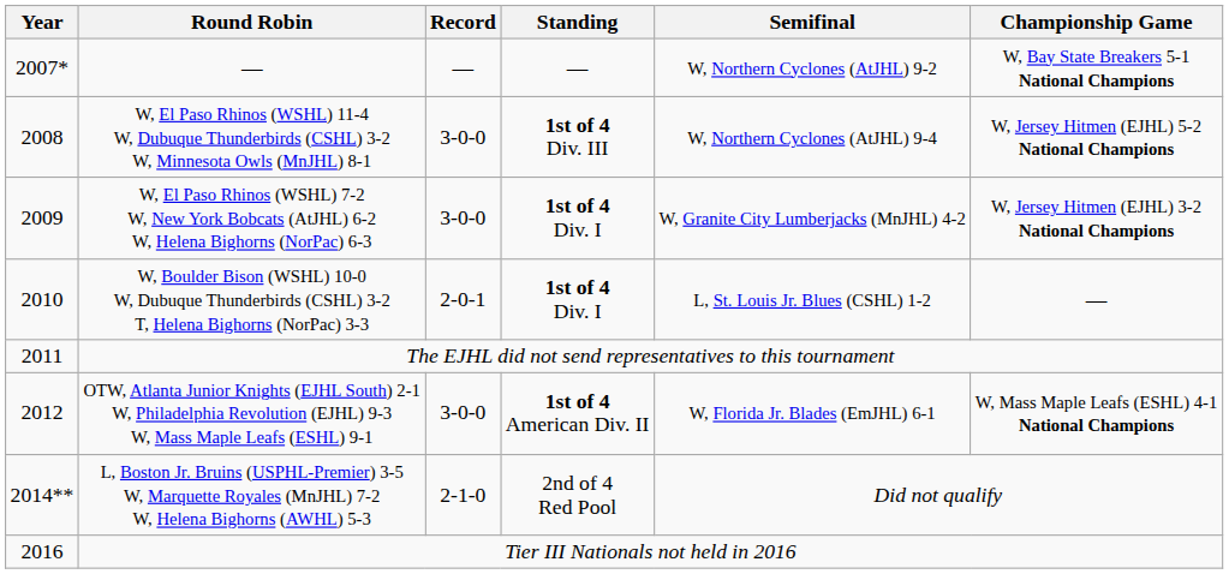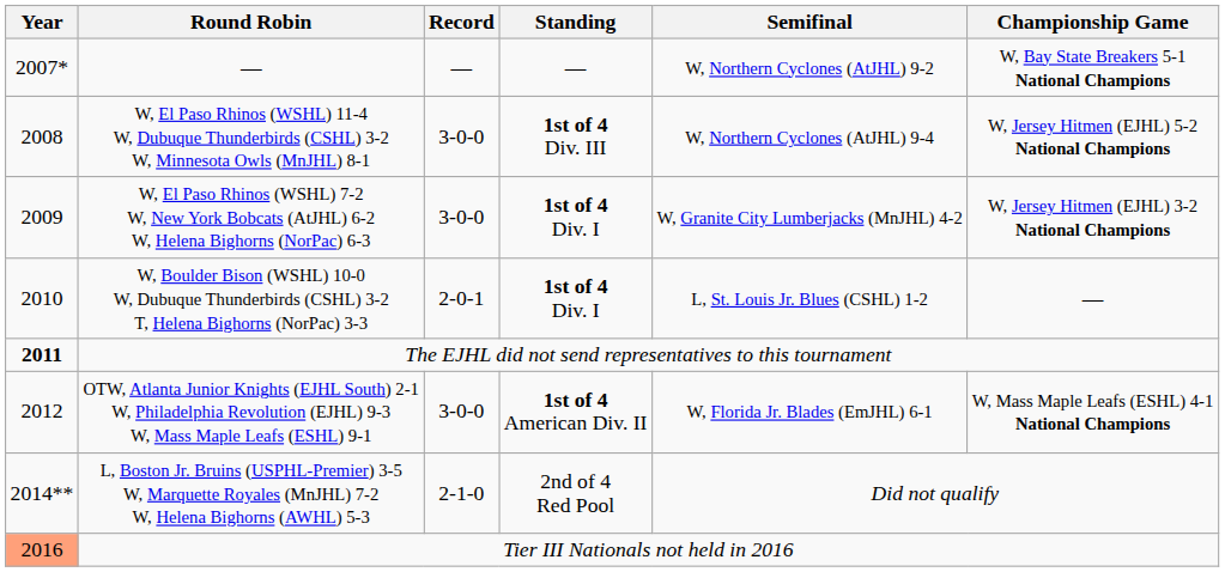 <table class="wikitable">
 <tr>
 <th>Year</th>
 <th>Round Robin</th>
 <th>Record</th>
 <th>Standing</th>
 <th>Semifinal</th>
 <th>Championship Game</th>
 </tr>
 <tr align=center>
 <td>2007*</td>
 <td>—</td>
 <td>—</td>
 <td>—</td>
 <td><small>W, <a href='#'>Northern Cyclones</a> (<a href='#'>AtJHL</a>) 9-2</small></td>
 <td><small>W, <a href='#'>Bay State Breakers</a> 5-1<br><strong>National Champions</strong></small></td>
 </tr>
 <tr align=center>
 <td>2008</td>
 <td><small>W, <a href='#'>El Paso Rhinos</a> (<a href='#'>WSHL</a>) 11-4<br>W, <a href='#'>Dubuque Thunderbirds</a> (<a href='#'>CSHL</a>) 3-2<br>W, <a href='#'>Minnesota Owls</a> (<a href='#'>MnJHL</a>) 8-1</small></td>
 <td>3-0-0</td>
 <td><strong>1st of 4</strong><br>Div. III</td>
 <td><small>W, <a href='#'>Northern Cyclones</a> (AtJHL) 9-4</small></td>
 <td><small>W, <a href='#'>Jersey Hitmen</a> (EJHL) 5-2<br><strong>National Champions</strong></small></td>
 </tr>
 <tr align=center>
 <td>2009</td>
 <td><small>W, <a href='#'>El Paso Rhinos</a> (WSHL) 7-2<br>W, <a href='#'>New York Bobcats</a> (AtJHL) 6-2<br>W, <a href='#'>Helena Bighorns</a> (<a href='#'>NorPac</a>) 6-3</small></td>
 <td>3-0-0</td>
 <td><strong>1st of 4</strong><br>Div. I</td>
 <td><small>W, <a href='#'>Granite City Lumberjacks</a> (MnJHL) 4-2</small></td>
 <td><small>W, <a href='#'>Jersey Hitmen</a> (EJHL) 3-2<br><strong>National Champions</strong></small></td>
 </tr>
 <tr align=center>
 <td>2010</td>
 <td><small>W, <a href='#'>Boulder Bison</a> (WSHL) 10-0<br>W, Dubuque Thunderbirds (CSHL) 3-2<br>T, <a href='#'>Helena Bighorns</a> (NorPac) 3-3</small></td>
 <td>2-0-1</td>
 <td><strong>1st of 4</strong><br> Div. I</td>
 <td><small>L, <a href='#'>St. Louis Jr. Blues</a> (CSHL) 1-2</small></td>
 <td>—</td>
 </tr>
 <tr align=center>
-<td>2011</td>
+<td><strong>2011</strong></td>
 <td colspan=5><em>The EJHL did not send representatives to this tournament</em></td>
 </tr>
 <tr align=center>
 <td>2012</td>
 <td><small>OTW, <a href='#'>Atlanta Junior Knights</a> (<a href='#'>EJHL South</a>) 2-1<br>W, <a href='#'>Philadelphia Revolution</a> (EJHL) 9-3<br>W, <a href='#'>Mass Maple Leafs</a> (<a href='#'>ESHL</a>) 9-1</small></td>
 <td>3-0-0</td>
 <td><strong>1st of 4</strong><br>American Div. II</td>
 <td><small>W, <a href='#'>Florida Jr. Blades</a> (EmJHL) 6-1</small></td>
 <td><small>W, Mass Maple Leafs (ESHL) 4-1<br><strong>National Champions</strong></small></td>
 </tr>
 <tr align=center>
 <td>2014**</td>
 <td><small>L, <a href='#'>Boston Jr. Bruins</a> (<a href='#'>USPHL-Premier</a>) 3-5<br>W, <a href='#'>Marquette Royales</a> (MnJHL) 7-2<br>W, <a href='#'>Helena Bighorns</a> (<a href='#'>AWHL</a>) 5-3</small></td>
 <td>2-1-0</td>
 <td>2nd of 4<br>Red Pool</td>
 <td colspan=2><em>Did not qualify</em></td>
 </tr>
 <tr align=center>
-<td>2016</td>
+<td style="background: lightsalmon;">2016</td>
 <td colspan=5><em>Tier III Nationals not held in 2016</em></td>
 </tr>
 </table>
